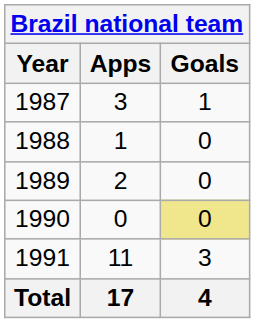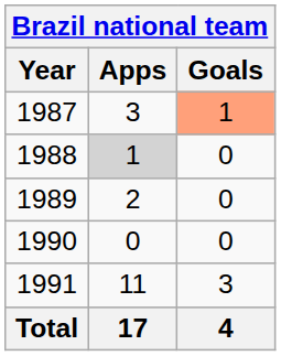 <table class="wikitable" style="text-align:center">
 <tr>
 <th colspan=3><a href='#'>Brazil national team</a></th>
 </tr>
 <tr>
 <th>Year</th>
 <th>Apps</th>
 <th>Goals</th>
 </tr>
 <tr>
 <td>1987</td>
 <td>3</td>
-<td>1</td>
+<td style="background: lightsalmon;">1</td>
 </tr>
 <tr>
 <td>1988</td>
-<td>1</td>
+<td style="background: lightgrey;">1</td>
 <td>0</td>
 </tr>
 <tr>
 <td>1989</td>
 <td>2</td>
 <td>0</td>
 </tr>
 <tr>
 <td>1990</td>
 <td>0</td>
-<td style="background: khaki;">0</td>
+<td>0</td>
 </tr>
 <tr>
 <td>1991</td>
 <td>11</td>
 <td>3</td>
 </tr>
 <tr>
 <th>Total</th>
 <th>17</th>
 <th>4</th>
 </tr>
 </table>
